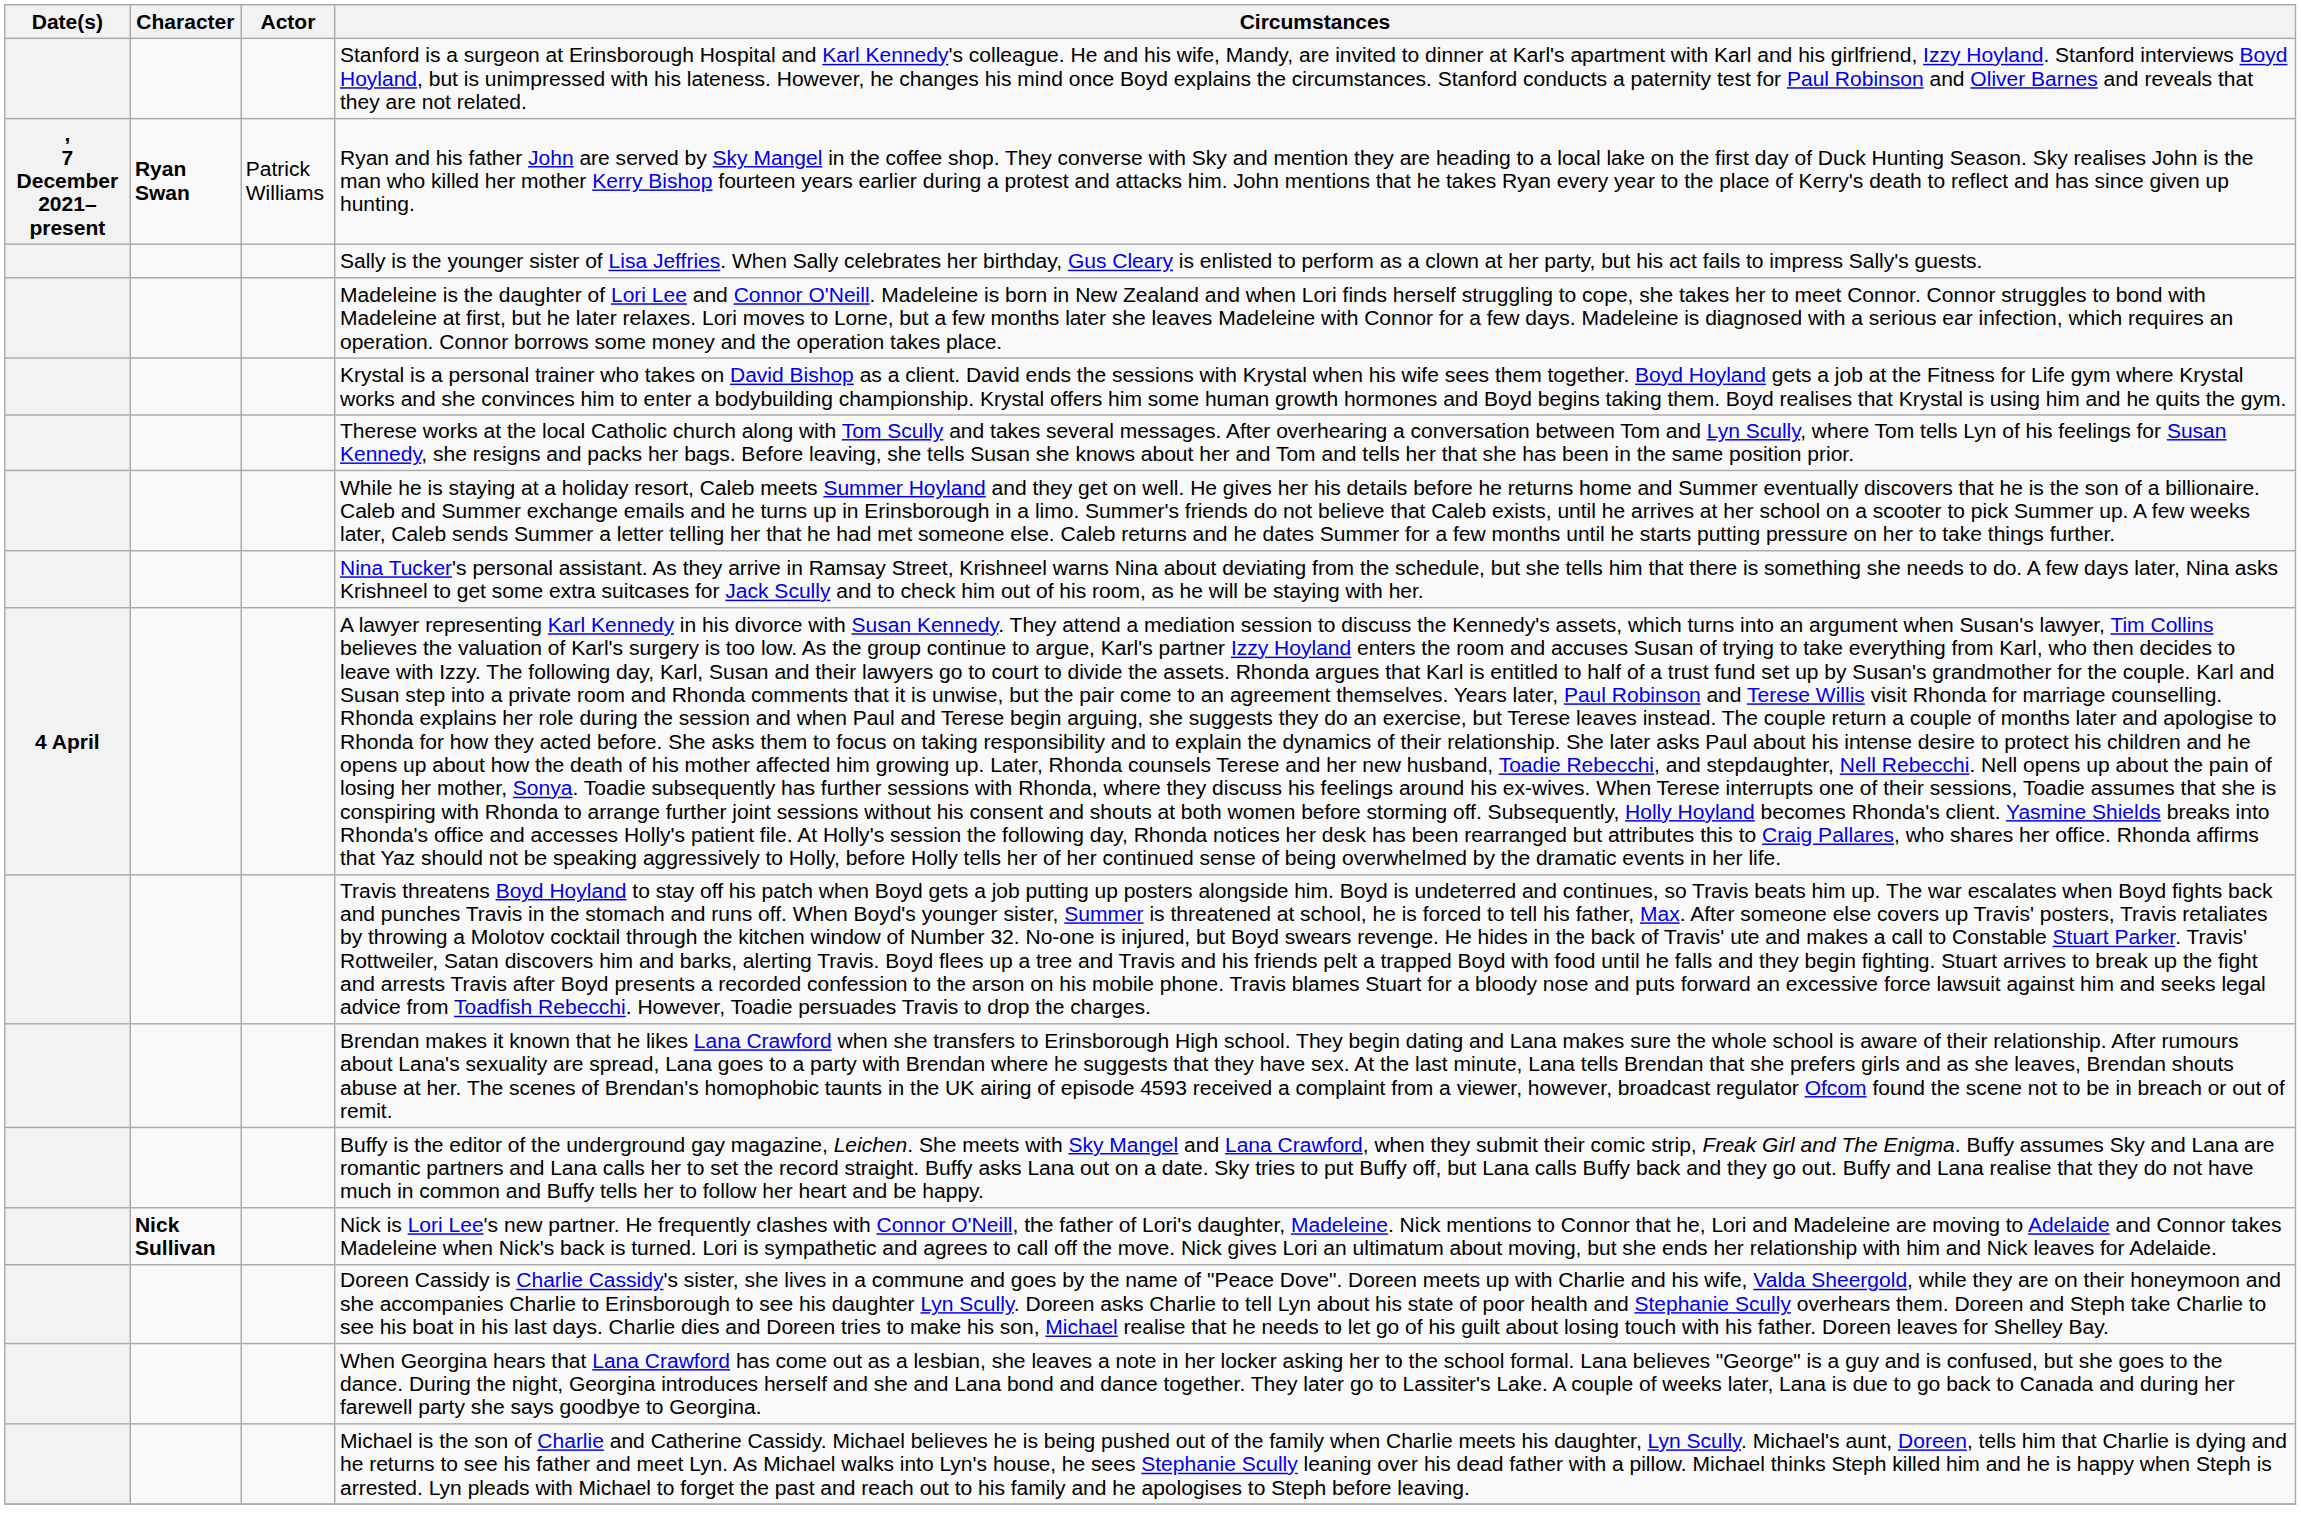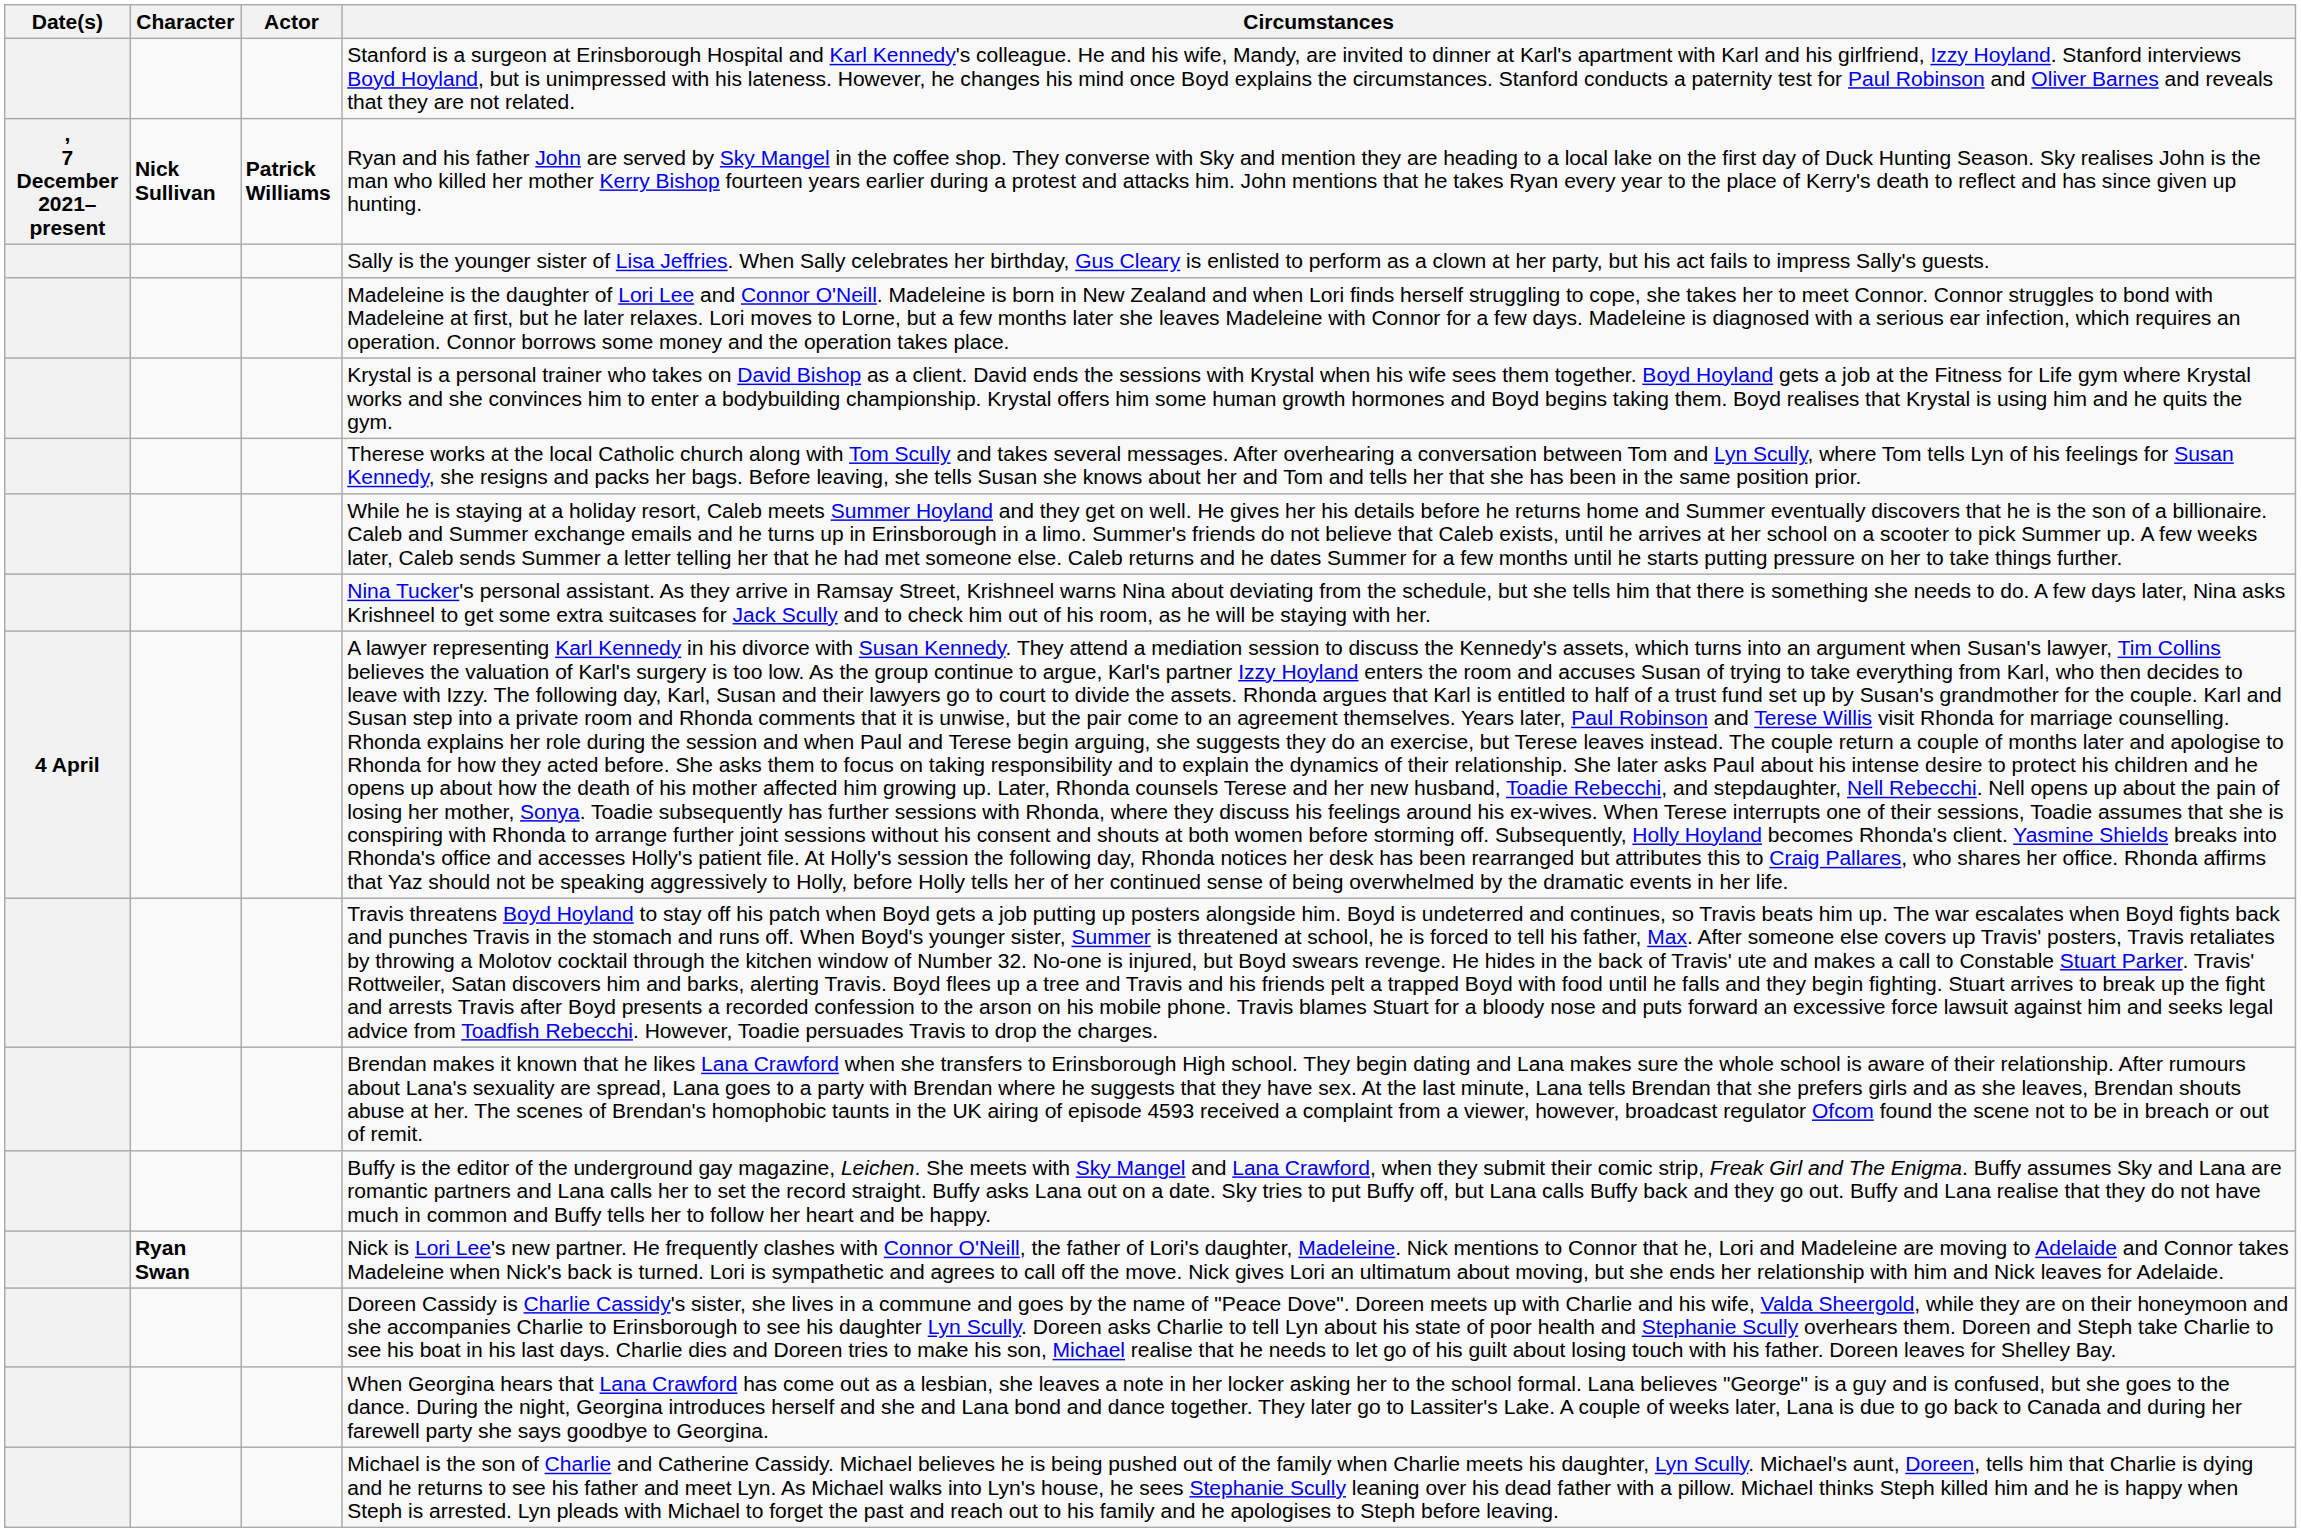 <table class="wikitable plainrowheaders" style="font-size:90%">
 <tr>
 <th scope="col">Date(s)</th>
 <th scope="col">Character</th>
 <th scope="col">Actor</th>
 <th scope="col">Circumstances</th>
 </tr>
 <tr>
 <th scope="row"></th>
 <td></td>
 <td></td>
 <td>Stanford is a surgeon at Erinsborough Hospital and <a href='#'>Karl Kennedy</a>'s colleague. He and his wife, Mandy, are invited to dinner at Karl's apartment with Karl and his girlfriend, <a href='#'>Izzy Hoyland</a>. Stanford interviews <a href='#'>Boyd Hoyland</a>, but is unimpressed with his lateness. However, he changes his mind once Boyd explains the circumstances. Stanford conducts a paternity test for <a href='#'>Paul Robinson</a> and <a href='#'>Oliver Barnes</a> and reveals that they are not related.</td>
 </tr>
 <tr>
 <th scope="row">,<br>7 December 2021–present</th>
-<td><strong>Ryan Swan</strong></td>
-<td>Patrick Williams<br></td>
+<td {{nowrap><strong>Nick Sullivan</strong></td>
+<td><strong>Patrick Williams<br></strong></td>
 <td>Ryan and his father <a href='#'>John</a> are served by <a href='#'>Sky Mangel</a> in the coffee shop. They converse with Sky and mention they are heading to a local lake on the first day of Duck Hunting Season. Sky realises John is the man who killed her mother <a href='#'>Kerry Bishop</a> fourteen years earlier during a protest and attacks him. John mentions that he takes Ryan every year to the place of Kerry's death to reflect and has since given up hunting.</td>
 </tr>
 <tr>
 <th scope="row"></th>
 <td></td>
 <td></td>
 <td>Sally is the younger sister of <a href='#'>Lisa Jeffries</a>. When Sally celebrates her birthday, <a href='#'>Gus Cleary</a> is enlisted to perform as a clown at her party, but his act fails to impress Sally's guests.</td>
 </tr>
 <tr>
 <th scope="row"></th>
 <td></td>
 <td></td>
 <td>Madeleine is the daughter of <a href='#'>Lori Lee</a> and <a href='#'>Connor O'Neill</a>. Madeleine is born in New Zealand and when Lori finds herself struggling to cope, she takes her to meet Connor. Connor struggles to bond with Madeleine at first, but he later relaxes. Lori moves to Lorne, but a few months later she leaves Madeleine with Connor for a few days. Madeleine is diagnosed with a serious ear infection, which requires an operation. Connor borrows some money and the operation takes place.</td>
 </tr>
 <tr>
 <th scope="row"></th>
 <td></td>
 <td></td>
 <td>Krystal is a personal trainer who takes on <a href='#'>David Bishop</a> as a client. David ends the sessions with Krystal when his wife sees them together. <a href='#'>Boyd Hoyland</a> gets a job at the Fitness for Life gym where Krystal works and she convinces him to enter a bodybuilding championship. Krystal offers him some human growth hormones and Boyd begins taking them. Boyd realises that Krystal is using him and he quits the gym.</td>
 </tr>
 <tr>
 <th scope="row"></th>
 <td></td>
 <td></td>
 <td>Therese works at the local Catholic church along with <a href='#'>Tom Scully</a> and takes several messages. After overhearing a conversation between Tom and <a href='#'>Lyn Scully</a>, where Tom tells Lyn of his feelings for <a href='#'>Susan Kennedy</a>, she resigns and packs her bags. Before leaving, she tells Susan she knows about her and Tom and tells her that she has been in the same position prior.</td>
 </tr>
 <tr>
 <th scope="row"></th>
 <td></td>
 <td></td>
 <td>While he is staying at a holiday resort, Caleb meets <a href='#'>Summer Hoyland</a> and they get on well. He gives her his details before he returns home and Summer eventually discovers that he is the son of a billionaire. Caleb and Summer exchange emails and he turns up in Erinsborough in a limo. Summer's friends do not believe that Caleb exists, until he arrives at her school on a scooter to pick Summer up. A few weeks later, Caleb sends Summer a letter telling her that he had met someone else. Caleb returns and he dates Summer for a few months until he starts putting pressure on her to take things further.</td>
 </tr>
 <tr>
 <th scope="row"></th>
 <td></td>
 <td></td>
 <td><a href='#'>Nina Tucker</a>'s personal assistant. As they arrive in Ramsay Street, Krishneel warns Nina about deviating from the schedule, but she tells him that there is something she needs to do. A few days later, Nina asks Krishneel to get some extra suitcases for <a href='#'>Jack Scully</a> and to check him out of his room, as he will be staying with her.</td>
 </tr>
 <tr>
 <th scope="row">4 April</th>
 <td></td>
 <td></td>
 <td>A lawyer representing <a href='#'>Karl Kennedy</a> in his divorce with <a href='#'>Susan Kennedy</a>. They attend a mediation session to discuss the Kennedy's assets, which turns into an argument when Susan's lawyer, <a href='#'>Tim Collins</a> believes the valuation of Karl's surgery is too low. As the group continue to argue, Karl's partner <a href='#'>Izzy Hoyland</a> enters the room and accuses Susan of trying to take everything from Karl, who then decides to leave with Izzy. The following day, Karl, Susan and their lawyers go to court to divide the assets. Rhonda argues that Karl is entitled to half of a trust fund set up by Susan's grandmother for the couple. Karl and Susan step into a private room and Rhonda comments that it is unwise, but the pair come to an agreement themselves. Years later, <a href='#'>Paul Robinson</a> and <a href='#'>Terese Willis</a> visit Rhonda for marriage counselling. Rhonda explains her role during the session and when Paul and Terese begin arguing, she suggests they do an exercise, but Terese leaves instead. The couple return a couple of months later and apologise to Rhonda for how they acted before. She asks them to focus on taking responsibility and to explain the dynamics of their relationship. She later asks Paul about his intense desire to protect his children and he opens up about how the death of his mother affected him growing up. Later, Rhonda counsels Terese and her new husband, <a href='#'>Toadie Rebecchi</a>, and stepdaughter, <a href='#'>Nell Rebecchi</a>. Nell opens up about the pain of losing her mother, <a href='#'>Sonya</a>. Toadie subsequently has further sessions with Rhonda, where they discuss his feelings around his ex-wives. When Terese interrupts one of their sessions, Toadie assumes that she is conspiring with Rhonda to arrange further joint sessions without his consent and shouts at both women before storming off. Subsequently, <a href='#'>Holly Hoyland</a> becomes Rhonda's client. <a href='#'>Yasmine Shields</a> breaks into Rhonda's office and accesses Holly's patient file. At Holly's session the following day, Rhonda notices her desk has been rearranged but attributes this to <a href='#'>Craig Pallares</a>, who shares her office. Rhonda affirms that Yaz should not be speaking aggressively to Holly, before Holly tells her of her continued sense of being overwhelmed by the dramatic events in her life.</td>
 </tr>
 <tr>
 <th scope="row"></th>
 <td></td>
 <td></td>
 <td>Travis threatens <a href='#'>Boyd Hoyland</a> to stay off his patch when Boyd gets a job putting up posters alongside him. Boyd is undeterred and continues, so Travis beats him up. The war escalates when Boyd fights back and punches Travis in the stomach and runs off. When Boyd's younger sister, <a href='#'>Summer</a> is threatened at school, he is forced to tell his father, <a href='#'>Max</a>. After someone else covers up Travis' posters, Travis retaliates by throwing a Molotov cocktail through the kitchen window of Number 32. No-one is injured, but Boyd swears revenge. He hides in the back of Travis' ute and makes a call to Constable <a href='#'>Stuart Parker</a>. Travis' Rottweiler, Satan discovers him and barks, alerting Travis. Boyd flees up a tree and Travis and his friends pelt a trapped Boyd with food until he falls and they begin fighting. Stuart arrives to break up the fight and arrests Travis after Boyd presents a recorded confession to the arson on his mobile phone. Travis blames Stuart for a bloody nose and puts forward an excessive force lawsuit against him and seeks legal advice from <a href='#'>Toadfish Rebecchi</a>. However, Toadie persuades Travis to drop the charges.</td>
 </tr>
 <tr>
 <th scope="row"></th>
 <td></td>
 <td></td>
 <td>Brendan makes it known that he likes <a href='#'>Lana Crawford</a> when she transfers to Erinsborough High school. They begin dating and Lana makes sure the whole school is aware of their relationship. After rumours about Lana's sexuality are spread, Lana goes to a party with Brendan where he suggests that they have sex. At the last minute, Lana tells Brendan that she prefers girls and as she leaves, Brendan shouts abuse at her. The scenes of Brendan's homophobic taunts in the UK airing of episode 4593 received a complaint from a viewer, however, broadcast regulator <a href='#'>Ofcom</a> found the scene not to be in breach or out of remit.</td>
 </tr>
 <tr>
 <th scope="row"></th>
 <td></td>
 <td></td>
 <td>Buffy is the editor of the underground gay magazine, <em>Leichen</em>. She meets with <a href='#'>Sky Mangel</a> and <a href='#'>Lana Crawford</a>, when they submit their comic strip, <em>Freak Girl and The Enigma</em>. Buffy assumes Sky and Lana are romantic partners and Lana calls her to set the record straight. Buffy asks Lana out on a date. Sky tries to put Buffy off, but Lana calls Buffy back and they go out. Buffy and Lana realise that they do not have much in common and Buffy tells her to follow her heart and be happy.</td>
 </tr>
 <tr>
 <th scope="row"></th>
-<td {{nowrap><strong>Nick Sullivan</strong></td>
+<td><strong>Ryan Swan</strong></td>
 <td></td>
 <td>Nick is <a href='#'>Lori Lee</a>'s new partner. He frequently clashes with <a href='#'>Connor O'Neill</a>, the father of Lori's daughter, <a href='#'>Madeleine</a>. Nick mentions to Connor that he, Lori and Madeleine are moving to <a href='#'>Adelaide</a> and Connor takes Madeleine when Nick's back is turned. Lori is sympathetic and agrees to call off the move. Nick gives Lori an ultimatum about moving, but she ends her relationship with him and Nick leaves for Adelaide.</td>
 </tr>
 <tr>
 <th scope="row"></th>
 <td></td>
 <td></td>
 <td>Doreen Cassidy is <a href='#'>Charlie Cassidy</a>'s sister, she lives in a commune and goes by the name of "Peace Dove". Doreen meets up with Charlie and his wife, <a href='#'>Valda Sheergold</a>, while they are on their honeymoon and she accompanies Charlie to Erinsborough to see his daughter <a href='#'>Lyn Scully</a>. Doreen asks Charlie to tell Lyn about his state of poor health and <a href='#'>Stephanie Scully</a> overhears them. Doreen and Steph take Charlie to see his boat in his last days. Charlie dies and Doreen tries to make his son, <a href='#'>Michael</a> realise that he needs to let go of his guilt about losing touch with his father. Doreen leaves for Shelley Bay.</td>
 </tr>
 <tr>
 <th scope="row"></th>
 <td></td>
 <td></td>
 <td>When Georgina hears that <a href='#'>Lana Crawford</a> has come out as a lesbian, she leaves a note in her locker asking her to the school formal. Lana believes "George" is a guy and is confused, but she goes to the dance. During the night, Georgina introduces herself and she and Lana bond and dance together. They later go to Lassiter's Lake. A couple of weeks later, Lana is due to go back to Canada and during her farewell party she says goodbye to Georgina.</td>
 </tr>
 <tr>
 <th scope="row"></th>
 <td></td>
 <td></td>
 <td>Michael is the son of <a href='#'>Charlie</a> and Catherine Cassidy. Michael believes he is being pushed out of the family when Charlie meets his daughter, <a href='#'>Lyn Scully</a>. Michael's aunt, <a href='#'>Doreen</a>, tells him that Charlie is dying and he returns to see his father and meet Lyn. As Michael walks into Lyn's house, he sees <a href='#'>Stephanie Scully</a> leaning over his dead father with a pillow. Michael thinks Steph killed him and he is happy when Steph is arrested. Lyn pleads with Michael to forget the past and reach out to his family and he apologises to Steph before leaving.</td>
 </tr>
 <tr>
 </tr>
 </table>
